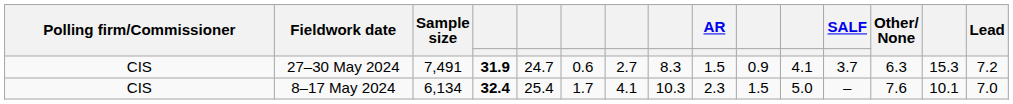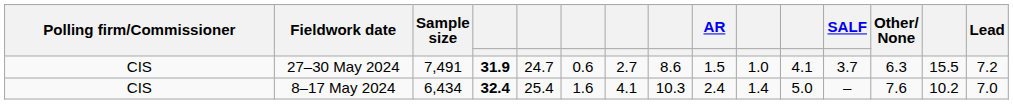 <table class="wikitable collapsible collapsed" style="text-align:center; font-size:90%; line-height:14px;">
 <tr style="height:42px;">
 <th style="width:250px;" rowspan="2">Polling firm/Commissioner</th>
 <th style="width:125px;" rowspan="2">Fieldwork date</th>
 <th style="width:50px;" rowspan="2">Sample size</th>
 <th style="width:35px;"></th>
 <th style="width:35px;"></th>
 <th style="width:35px;"></th>
 <th style="width:35px;"></th>
 <th style="width:35px;"></th>
 <th style="width:35px;"><a href='#'>AR</a></th>
 <th style="width:35px;"></th>
 <th style="width:35px;"></th>
 <th style="width:35px;"><a href='#'>SALF</a></th>
 <th style="width:35px;" rowspan="2">Other/<br>None</th>
 <th style="width:35px;" rowspan="2"></th>
 <th style="width:30px;" rowspan="2">Lead</th>
 </tr>
 <tr>
 <th style="color:inherit;background:"></th>
 <th style="color:inherit;background:"></th>
 <th style="color:inherit;background:"></th>
 <th style="color:inherit;background:"></th>
 <th style="color:inherit;background:"></th>
 <th style="color:inherit;background:"></th>
 <th style="color:inherit;background:"></th>
 <th style="color:inherit;background:"></th>
 <th style="color:inherit;background:"></th>
 </tr>
 <tr>
 <td>CIS</td>
 <td>27–30 May 2024</td>
 <td>7,491</td>
 <td><strong>31.9</strong></td>
 <td>24.7</td>
 <td>0.6</td>
 <td>2.7</td>
-<td>8.3</td>
+<td>8.6</td>
 <td>1.5</td>
-<td>0.9</td>
+<td>1.0</td>
 <td>4.1</td>
 <td>3.7</td>
 <td>6.3</td>
-<td>15.3</td>
+<td>15.5</td>
 <td style="background:">7.2</td>
 </tr>
 <tr>
 <td>CIS</td>
 <td>8–17 May 2024</td>
-<td>6,134</td>
+<td>6,434</td>
 <td><strong>32.4</strong></td>
 <td>25.4</td>
-<td>1.7</td>
+<td>1.6</td>
 <td>4.1</td>
 <td>10.3</td>
-<td>2.3</td>
-<td>1.5</td>
+<td>2.4</td>
+<td>1.4</td>
 <td>5.0</td>
 <td>–</td>
 <td>7.6</td>
-<td>10.1</td>
+<td>10.2</td>
 <td style="background:">7.0</td>
 </tr>
 </table>
